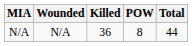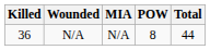 <table class="wikitable" style="text-align:center">
 <tr>
+<th>Killed</th>
+<th>Wounded</th>
 <th>MIA</th>
-<th>Wounded</th>
-<th>Killed</th>
 <th>POW</th>
 <th>Total</th>
 </tr>
 <tr>
+<td>36</td>
 <td>N/A</td>
 <td>N/A</td>
-<td>36</td>
 <td>8</td>
 <td>44</td>
 </tr>
 </table>
